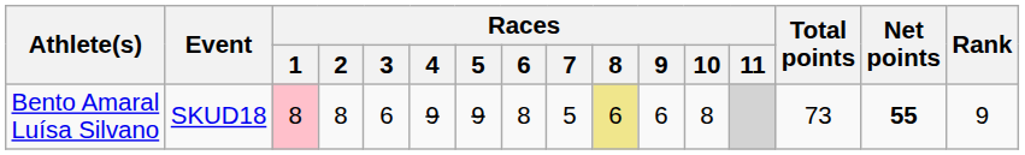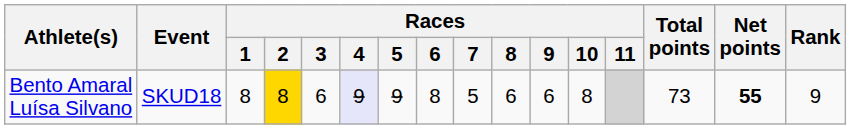 <table class="wikitable" style="font-size:90%; text-align:center;">
 <tr>
 <th rowspan="2">Athlete(s)</th>
 <th rowspan="2">Event</th>
 <th colspan="11">Races</th>
 <th rowspan="2">Total<br>points</th>
 <th rowspan="2">Net<br>points</th>
 <th rowspan="2">Rank</th>
 </tr>
 <tr>
 <th width=20>1</th>
 <th width=20>2</th>
 <th width=20>3</th>
 <th width=20>4</th>
 <th width=20>5</th>
 <th width=20>6</th>
 <th width=20>7</th>
 <th width=20>8</th>
 <th width=20>9</th>
 <th width=20>10</th>
 <th width=20>11</th>
 </tr>
 <tr>
 <td align="left"><a href='#'>Bento Amaral</a> <br><a href='#'>Luísa Silvano </a> </td>
 <td align="left"><a href='#'>SKUD18</a></td>
-<td style="background: pink;">8</td>
 <td>8</td>
+<td style="background: gold;">8</td>
 <td>6</td>
-<td><s>9</s></td>
+<td style="background: lavender;"><s>9</s></td>
 <td><s>9</s></td>
 <td>8</td>
 <td>5</td>
-<td style="background: khaki;">6</td>
+<td>6</td>
 <td>6</td>
 <td>8</td>
 <td bgcolor="lightgray"></td>
 <td>73</td>
 <td><strong>55</strong></td>
 <td>9</td>
 </tr>
 </table>
